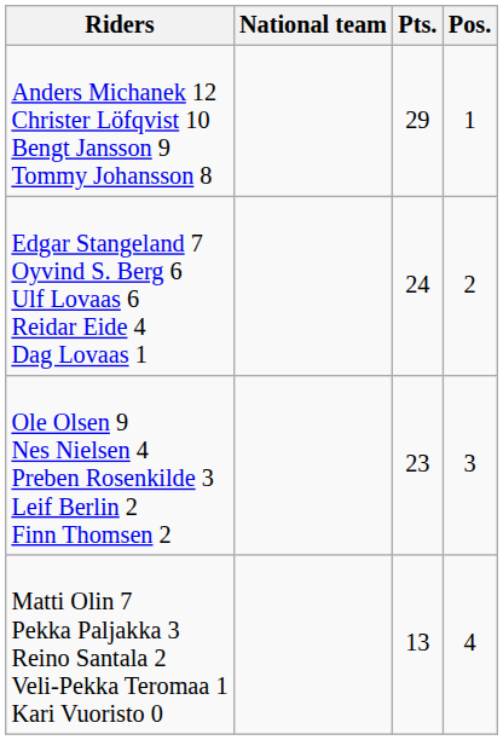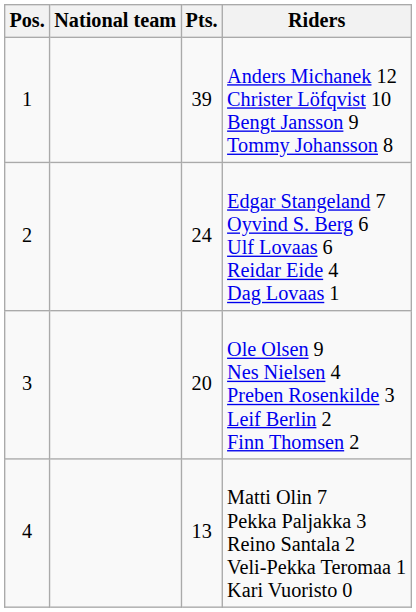 <table class=wikitable style="font-size:93%;">
 <tr>
-<th>Riders</th>
+<th>Pos.</th>
 <th>National team</th>
 <th>Pts.</th>
-<th>Pos.</th>
+<th>Riders</th>
 </tr>
 <tr align=center >
+<td>1</td>
+<td align=left></td>
+<td>39</td>
 <td align=left><br><a href='#'>Anders Michanek</a> 12<br> <a href='#'>Christer Löfqvist</a> 10<br> <a href='#'>Bengt Jansson</a> 9<br> <a href='#'>Tommy Johansson</a> 8</td>
-<td align=left></td>
-<td>29</td>
-<td>1</td>
 </tr>
 <tr align=center>
-<td align=left><br><a href='#'>Edgar Stangeland</a> 7<br> <a href='#'>Oyvind S. Berg</a> 6<br> <a href='#'>Ulf Lovaas</a> 6<br> <a href='#'>Reidar Eide</a> 4<br> <a href='#'>Dag Lovaas</a> 1</td>
+<td>2</td>
 <td align=left></td>
 <td>24</td>
-<td>2</td>
+<td align=left><br><a href='#'>Edgar Stangeland</a> 7<br> <a href='#'>Oyvind S. Berg</a> 6<br> <a href='#'>Ulf Lovaas</a> 6<br> <a href='#'>Reidar Eide</a> 4<br> <a href='#'>Dag Lovaas</a> 1</td>
 </tr>
 <tr align=center>
+<td>3</td>
+<td align=left></td>
+<td>20</td>
 <td align=left><br><a href='#'>Ole Olsen</a> 9<br> <a href='#'>Nes Nielsen</a> 4<br> <a href='#'>Preben Rosenkilde</a> 3<br> <a href='#'>Leif Berlin</a> 2<br> <a href='#'>Finn Thomsen</a> 2</td>
-<td align=left></td>
-<td>23</td>
-<td>3</td>
 </tr>
 <tr align=center>
-<td align=left><br>Matti Olin 7<br> Pekka Paljakka 3<br> Reino Santala 2<br> Veli-Pekka Teromaa 1<br> Kari Vuoristo 0</td>
+<td>4</td>
 <td align=left></td>
 <td>13</td>
-<td>4</td>
+<td align=left><br>Matti Olin 7<br> Pekka Paljakka 3<br> Reino Santala 2<br> Veli-Pekka Teromaa 1<br> Kari Vuoristo 0</td>
 </tr>
 </table>
